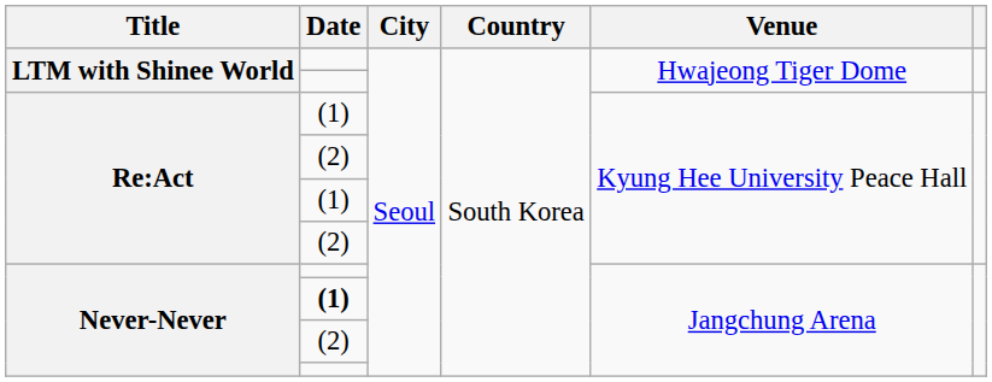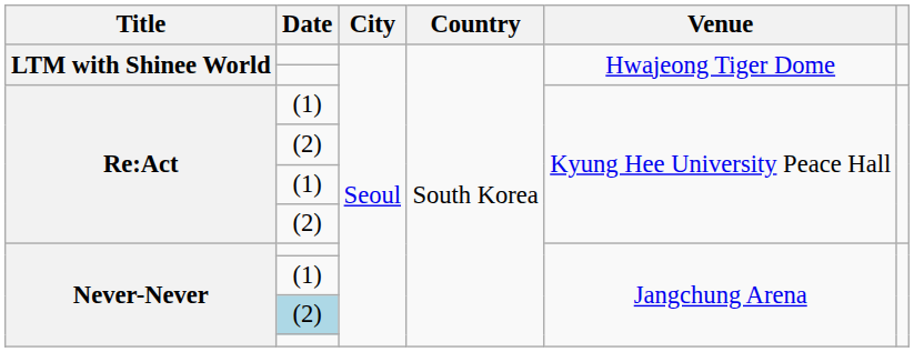 <table class="wikitable sortable plainrowheaders" style="text-align:center;">
 <tr>
 <th scope="col">Title</th>
 <th scope="col">Date</th>
 <th scope="col">City</th>
 <th scope="col">Country</th>
 <th scope="col">Venue</th>
 <th scope="col" class="unsortable"></th>
 </tr>
 <tr>
 <th scope="row" rowspan="2">LTM with Shinee World</th>
 <td></td>
 <td rowspan="10"><a href='#'>Seoul</a></td>
 <td rowspan="10">South Korea</td>
 <td rowspan="2"><a href='#'>Hwajeong Tiger Dome</a></td>
 <td rowspan="2"></td>
 </tr>
 <tr>
 <td></td>
 </tr>
 <tr>
 <th scope="row" rowspan="4">Re:Act</th>
 <td> (1)</td>
 <td rowspan="4"><a href='#'>Kyung Hee University</a> Peace Hall</td>
 <td rowspan="4"></td>
 </tr>
 <tr>
 <td> (2)</td>
 </tr>
 <tr>
 <td> (1)</td>
 </tr>
 <tr>
 <td> (2)</td>
 </tr>
 <tr>
 <th scope="row" rowspan="4">Never-Never</th>
 <td></td>
 <td rowspan="4"><a href='#'>Jangchung Arena</a></td>
 <td rowspan="4"></td>
 </tr>
 <tr>
-<td><strong> (1)</strong></td>
+<td> (1)</td>
 </tr>
 <tr>
-<td> (2)</td>
+<td style="background: lightblue;"> (2)</td>
 </tr>
 <tr>
 <td></td>
 </tr>
 </table>
